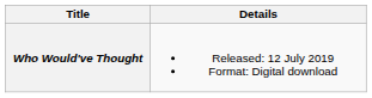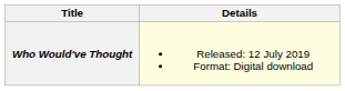 <table class="wikitable plainrowheaders" style="text-align:center;">
 <tr>
 <th scope="col" style="width:12em;">Title</th>
 <th scope="col" style="width:18em;">Details</th>
 </tr>
 <tr>
 <th scope="row"><em>Who Would've Thought</em></th>
-<td><br><ul><li>Released: 12 July 2019</li><li>Format: Digital download</li></ul></td>
+<td style="background: lightyellow;"><br><ul><li>Released: 12 July 2019</li><li>Format: Digital download</li></ul></td>
 </tr>
 </table>
